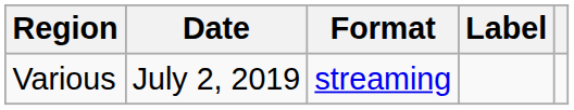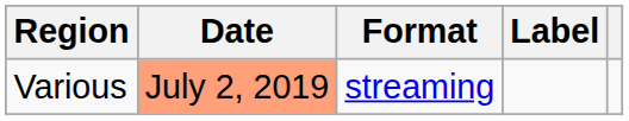 <table class="wikitable plainrowheaders">
 <tr>
 <th scope="col">Region</th>
 <th scope="col">Date</th>
 <th scope="col">Format</th>
 <th scope="col">Label</th>
 <th scope="col"></th>
 </tr>
 <tr>
 <td>Various</td>
-<td>July 2, 2019</td>
+<td style="background: lightsalmon;">July 2, 2019</td>
 <td><a href='#'>streaming</a></td>
 <td rowspan="2"></td>
 <td align="center"></td>
 </tr>
 </table>
